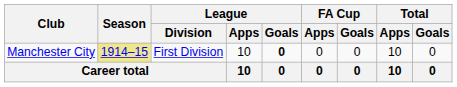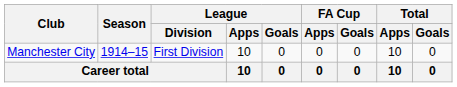 <table class="wikitable" style="text-align: center;">
 <tr>
 <th rowspan="2">Club</th>
 <th rowspan="2">Season</th>
 <th colspan="3">League</th>
 <th colspan="2">FA Cup</th>
 <th colspan="2">Total</th>
 </tr>
 <tr>
 <th>Division</th>
 <th>Apps</th>
 <th>Goals</th>
 <th>Apps</th>
 <th>Goals</th>
 <th>Apps</th>
 <th>Goals</th>
 </tr>
 <tr>
 <td><a href='#'>Manchester City</a></td>
-<td style="background: khaki;"><a href='#'>1914–15</a></td>
+<td><a href='#'>1914–15</a></td>
 <td><a href='#'>First Division</a></td>
 <td>10</td>
-<td><strong>0</strong></td>
+<td>0</td>
 <td>0</td>
 <td>0</td>
 <td>10</td>
 <td>0</td>
 </tr>
 <tr>
 <th colspan="3">Career total</th>
 <th>10</th>
 <th>0</th>
 <th>0</th>
 <th>0</th>
 <th>10</th>
 <th>0</th>
 </tr>
 </table>
